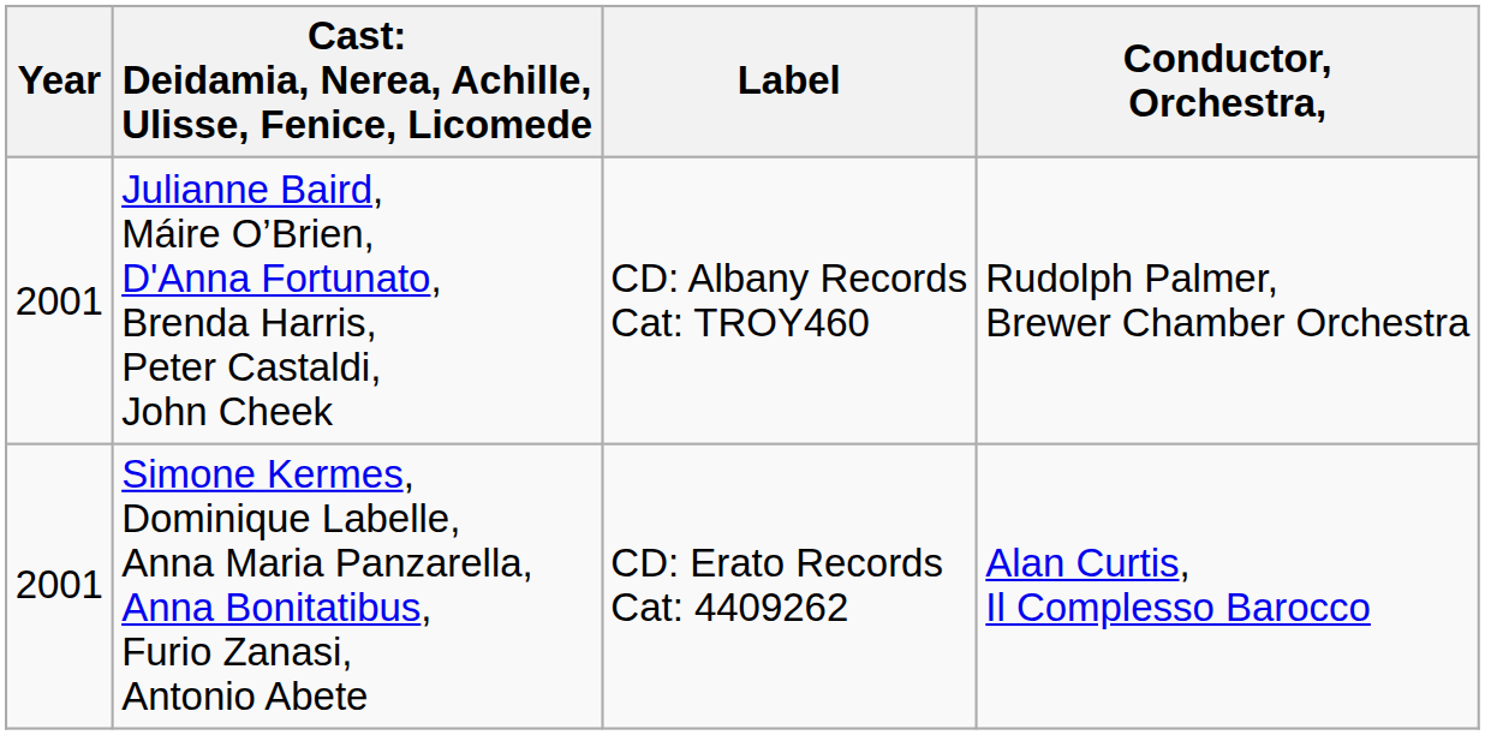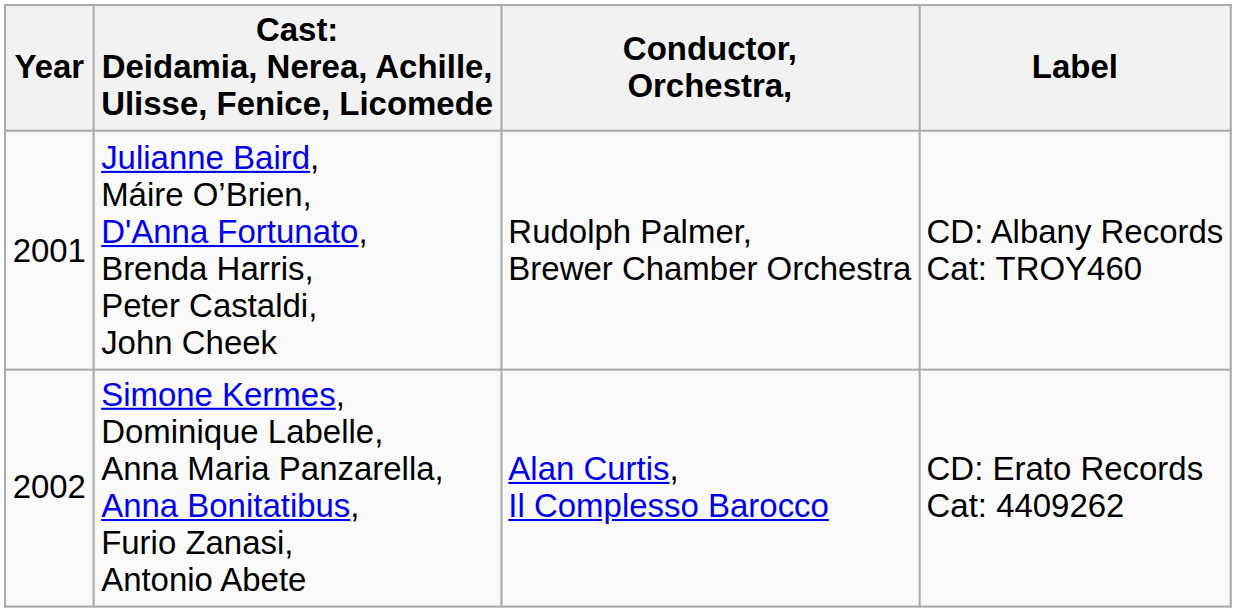 <table class="wikitable">
 <tr>
 <th>Year</th>
 <th>Cast:<br>Deidamia, Nerea, Achille,<br>Ulisse, Fenice, Licomede</th>
+<th>Conductor,<br>Orchestra,<br></th>
 <th>Label</th>
-<th>Conductor,<br>Orchestra,<br></th>
 </tr>
 <tr>
 <td>2001</td>
 <td><a href='#'>Julianne Baird</a>,<br>Máire O’Brien,<br><a href='#'>D'Anna Fortunato</a>,<br>Brenda Harris,<br>Peter Castaldi,<br>John Cheek</td>
+<td>Rudolph Palmer,<br>Brewer Chamber Orchestra</td>
 <td>CD: Albany Records<br>Cat: TROY460</td>
-<td>Rudolph Palmer,<br>Brewer Chamber Orchestra</td>
 </tr>
 <tr>
-<td>2001</td>
+<td>2002</td>
 <td><a href='#'>Simone Kermes</a>,<br>Dominique Labelle,<br>Anna Maria Panzarella,<br><a href='#'>Anna Bonitatibus</a>,<br>Furio Zanasi,<br>Antonio Abete</td>
+<td><a href='#'>Alan Curtis</a>,<br><a href='#'>Il Complesso Barocco</a></td>
 <td>CD: Erato Records<br>Cat: 4409262</td>
-<td><a href='#'>Alan Curtis</a>,<br><a href='#'>Il Complesso Barocco</a></td>
 </tr>
 </table>
